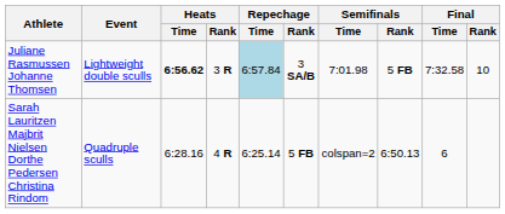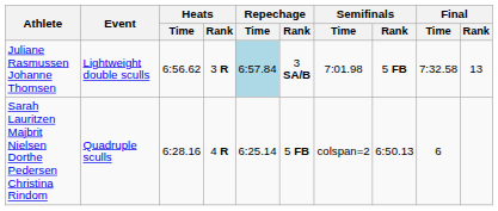 <table class="wikitable" style="font-size:90%;">
 <tr>
 <th rowspan="2">Athlete</th>
 <th rowspan="2">Event</th>
 <th colspan="2">Heats</th>
 <th colspan="2">Repechage</th>
 <th colspan="2">Semifinals</th>
 <th colspan="2">Final</th>
 </tr>
 <tr style="font-size:95%">
 <th>Time</th>
 <th>Rank</th>
 <th>Time</th>
 <th>Rank</th>
 <th>Time</th>
 <th>Rank</th>
 <th>Time</th>
 <th>Rank</th>
 </tr>
 <tr align=center>
 <td align=left><a href='#'>Juliane Rasmussen</a><br><a href='#'>Johanne Thomsen</a></td>
 <td align=left><a href='#'>Lightweight double sculls</a></td>
-<td><strong>6:56.62</strong></td>
+<td>6:56.62</td>
 <td>3 <strong>R</strong></td>
 <td style="background: lightblue;">6:57.84</td>
 <td>3 <strong>SA/B</strong></td>
 <td>7:01.98</td>
 <td>5 <strong>FB</strong></td>
 <td>7:32.58</td>
-<td>10</td>
+<td>13</td>
 </tr>
 <tr align=center>
 <td align=left><a href='#'>Sarah Lauritzen</a><br><a href='#'>Majbrit Nielsen</a><br><a href='#'>Dorthe Pedersen</a><br><a href='#'>Christina Rindom</a></td>
 <td align=left><a href='#'>Quadruple sculls</a></td>
 <td>6:28.16</td>
 <td>4 <strong>R</strong></td>
 <td>6:25.14</td>
 <td>5 <strong>FB</strong></td>
 <td>colspan=2 </td>
 <td>6:50.13</td>
 <td>6</td>
 </tr>
 </table>
